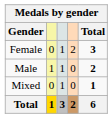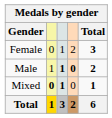 <table class=wikitable style=font-size:85%;float:right;text-align:center>
 <tr>
 <th colspan=5>Medals by gender</th>
 </tr>
 <tr>
 <th>Gender</th>
 <td bgcolor=F7F6A8></td>
 <td bgcolor=DCE5E5></td>
 <td bgcolor=FFDAB9></td>
 <th>Total</th>
 </tr>
 <tr>
 <td>Female</td>
 <td bgcolor=F7F6A8>0</td>
 <td bgcolor=DCE5E5>1</td>
 <td bgcolor=FFDAB9>2</td>
 <td><strong>3</strong></td>
 </tr>
 <tr>
 <td>Male</td>
 <td bgcolor=F7F6A8>1</td>
-<td bgcolor=DCE5E5>1</td>
-<td bgcolor=FFDAB9>0</td>
+<td bgcolor=DCE5E5><strong>1</strong></td>
+<td bgcolor=FFDAB9><strong>0</strong></td>
 <td><strong>2</strong></td>
 </tr>
 <tr>
 <td>Mixed</td>
-<td bgcolor=F7F6A8>0</td>
-<td bgcolor=DCE5E5>1</td>
+<td bgcolor=F7F6A8><strong>0</strong></td>
+<td bgcolor=DCE5E5><strong>1</strong></td>
 <td bgcolor=FFDAB9>0</td>
 <td><strong>1</strong></td>
 </tr>
 <tr>
 <th>Total</th>
 <th style=background:gold>1</th>
 <th style=background:silver>3</th>
 <th style=background:#c96>2</th>
 <th>6</th>
 </tr>
 </table>
